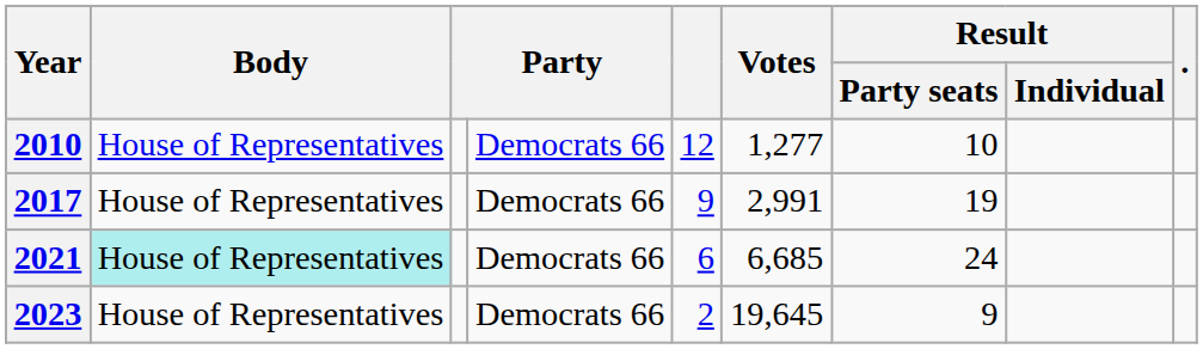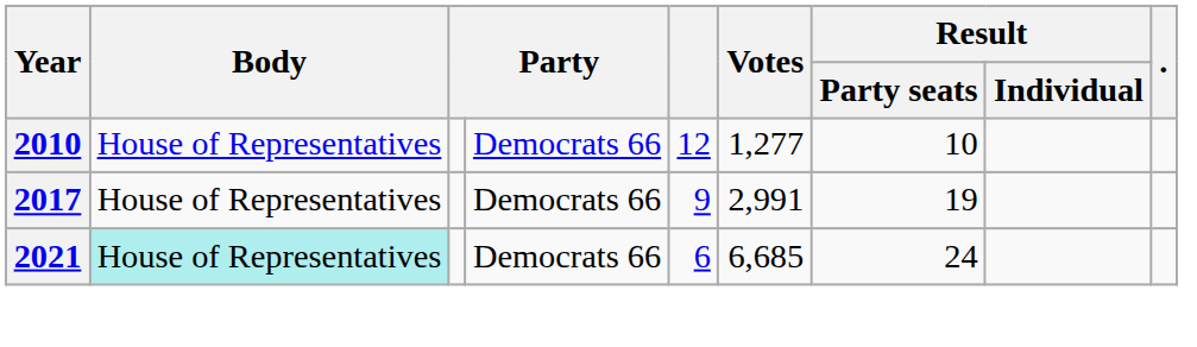 <table class="wikitable plainrowheaders sortable" border=2 cellpadding=4 cellspacing=0 style="border: 1px #aaa solid; font-size: 90%; text-align:center;">
 <tr>
 <th scope="col" rowspan=2>Year</th>
 <th scope="col" rowspan=2>Body</th>
 <th scope="col" colspan=2 rowspan=2>Party</th>
 <th scope="col" rowspan=2></th>
 <th scope="col" rowspan=2>Votes</th>
 <th scope="colgroup" colspan=2>Result</th>
 <th scope="col" rowspan=2 class="unsortable">.</th>
 </tr>
 <tr>
 <th scope="col">Party seats</th>
 <th scope="col">Individual</th>
 </tr>
 <tr>
 <th scope="row"><a href='#'>2010</a></th>
 <td><a href='#'>House of Representatives</a></td>
 <td style="background-color:"></td>
 <td><a href='#'>Democrats 66</a></td>
 <td style=text-align:right><a href='#'>12</a></td>
 <td style=text-align:right>1,277</td>
 <td style=text-align:right>10</td>
 <td></td>
 <td></td>
 </tr>
 <tr>
 <th scope="row"><a href='#'>2017</a></th>
 <td>House of Representatives</td>
 <td style="background-color:"></td>
 <td>Democrats 66</td>
 <td style=text-align:right><a href='#'>9</a></td>
 <td style=text-align:right>2,991</td>
 <td style=text-align:right>19</td>
 <td></td>
 <td></td>
 </tr>
 <tr>
 <th scope="row"><a href='#'>2021</a></th>
 <td style="background: paleturquoise;">House of Representatives</td>
 <td style="background-color:"></td>
 <td>Democrats 66</td>
 <td style=text-align:right><a href='#'>6</a></td>
 <td style=text-align:right>6,685</td>
 <td style=text-align:right>24</td>
 <td></td>
 <td></td>
 </tr>
-<tr>
-<th scope="row"><a href='#'>2023</a></th>
-<td>House of Representatives</td>
-<td style="background-color:"></td>
-<td>Democrats 66</td>
-<td style=text-align:right><a href='#'>2</a></td>
-<td style=text-align:right>19,645</td>
-<td style=text-align:right>9</td>
-<td></td>
-<td></td>
-</tr>
 </table>
